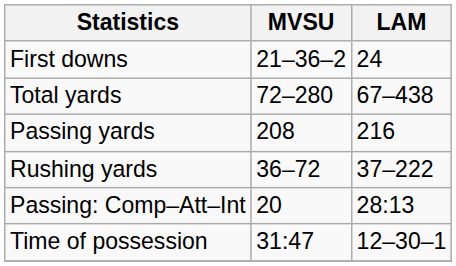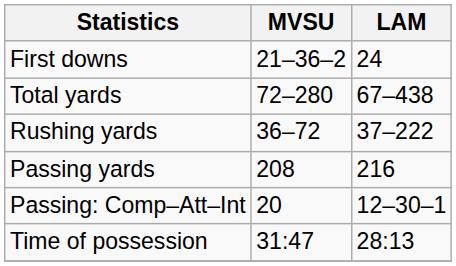 <table class="wikitable" style="float: left;">
 <tr>
 <th>Statistics</th>
 <th>MVSU</th>
 <th>LAM</th>
 </tr>
 <tr>
 <td>First downs</td>
 <td>21–36–2</td>
 <td>24</td>
 </tr>
 <tr>
 <td>Total yards</td>
 <td>72–280</td>
 <td>67–438</td>
 </tr>
 <tr>
+<td>Rushing yards</td>
+<td>36–72</td>
+<td>37–222</td>
+</tr>
+<tr>
 <td>Passing yards</td>
 <td>208</td>
 <td>216</td>
 </tr>
 <tr>
-<td>Rushing yards</td>
-<td>36–72</td>
-<td>37–222</td>
-</tr>
-<tr>
 <td>Passing: Comp–Att–Int</td>
 <td>20</td>
-<td>28:13</td>
+<td>12–30–1</td>
 </tr>
 <tr>
 <td>Time of possession</td>
 <td>31:47</td>
-<td>12–30–1</td>
+<td>28:13</td>
 </tr>
 <tr>
 </tr>
 </table>
